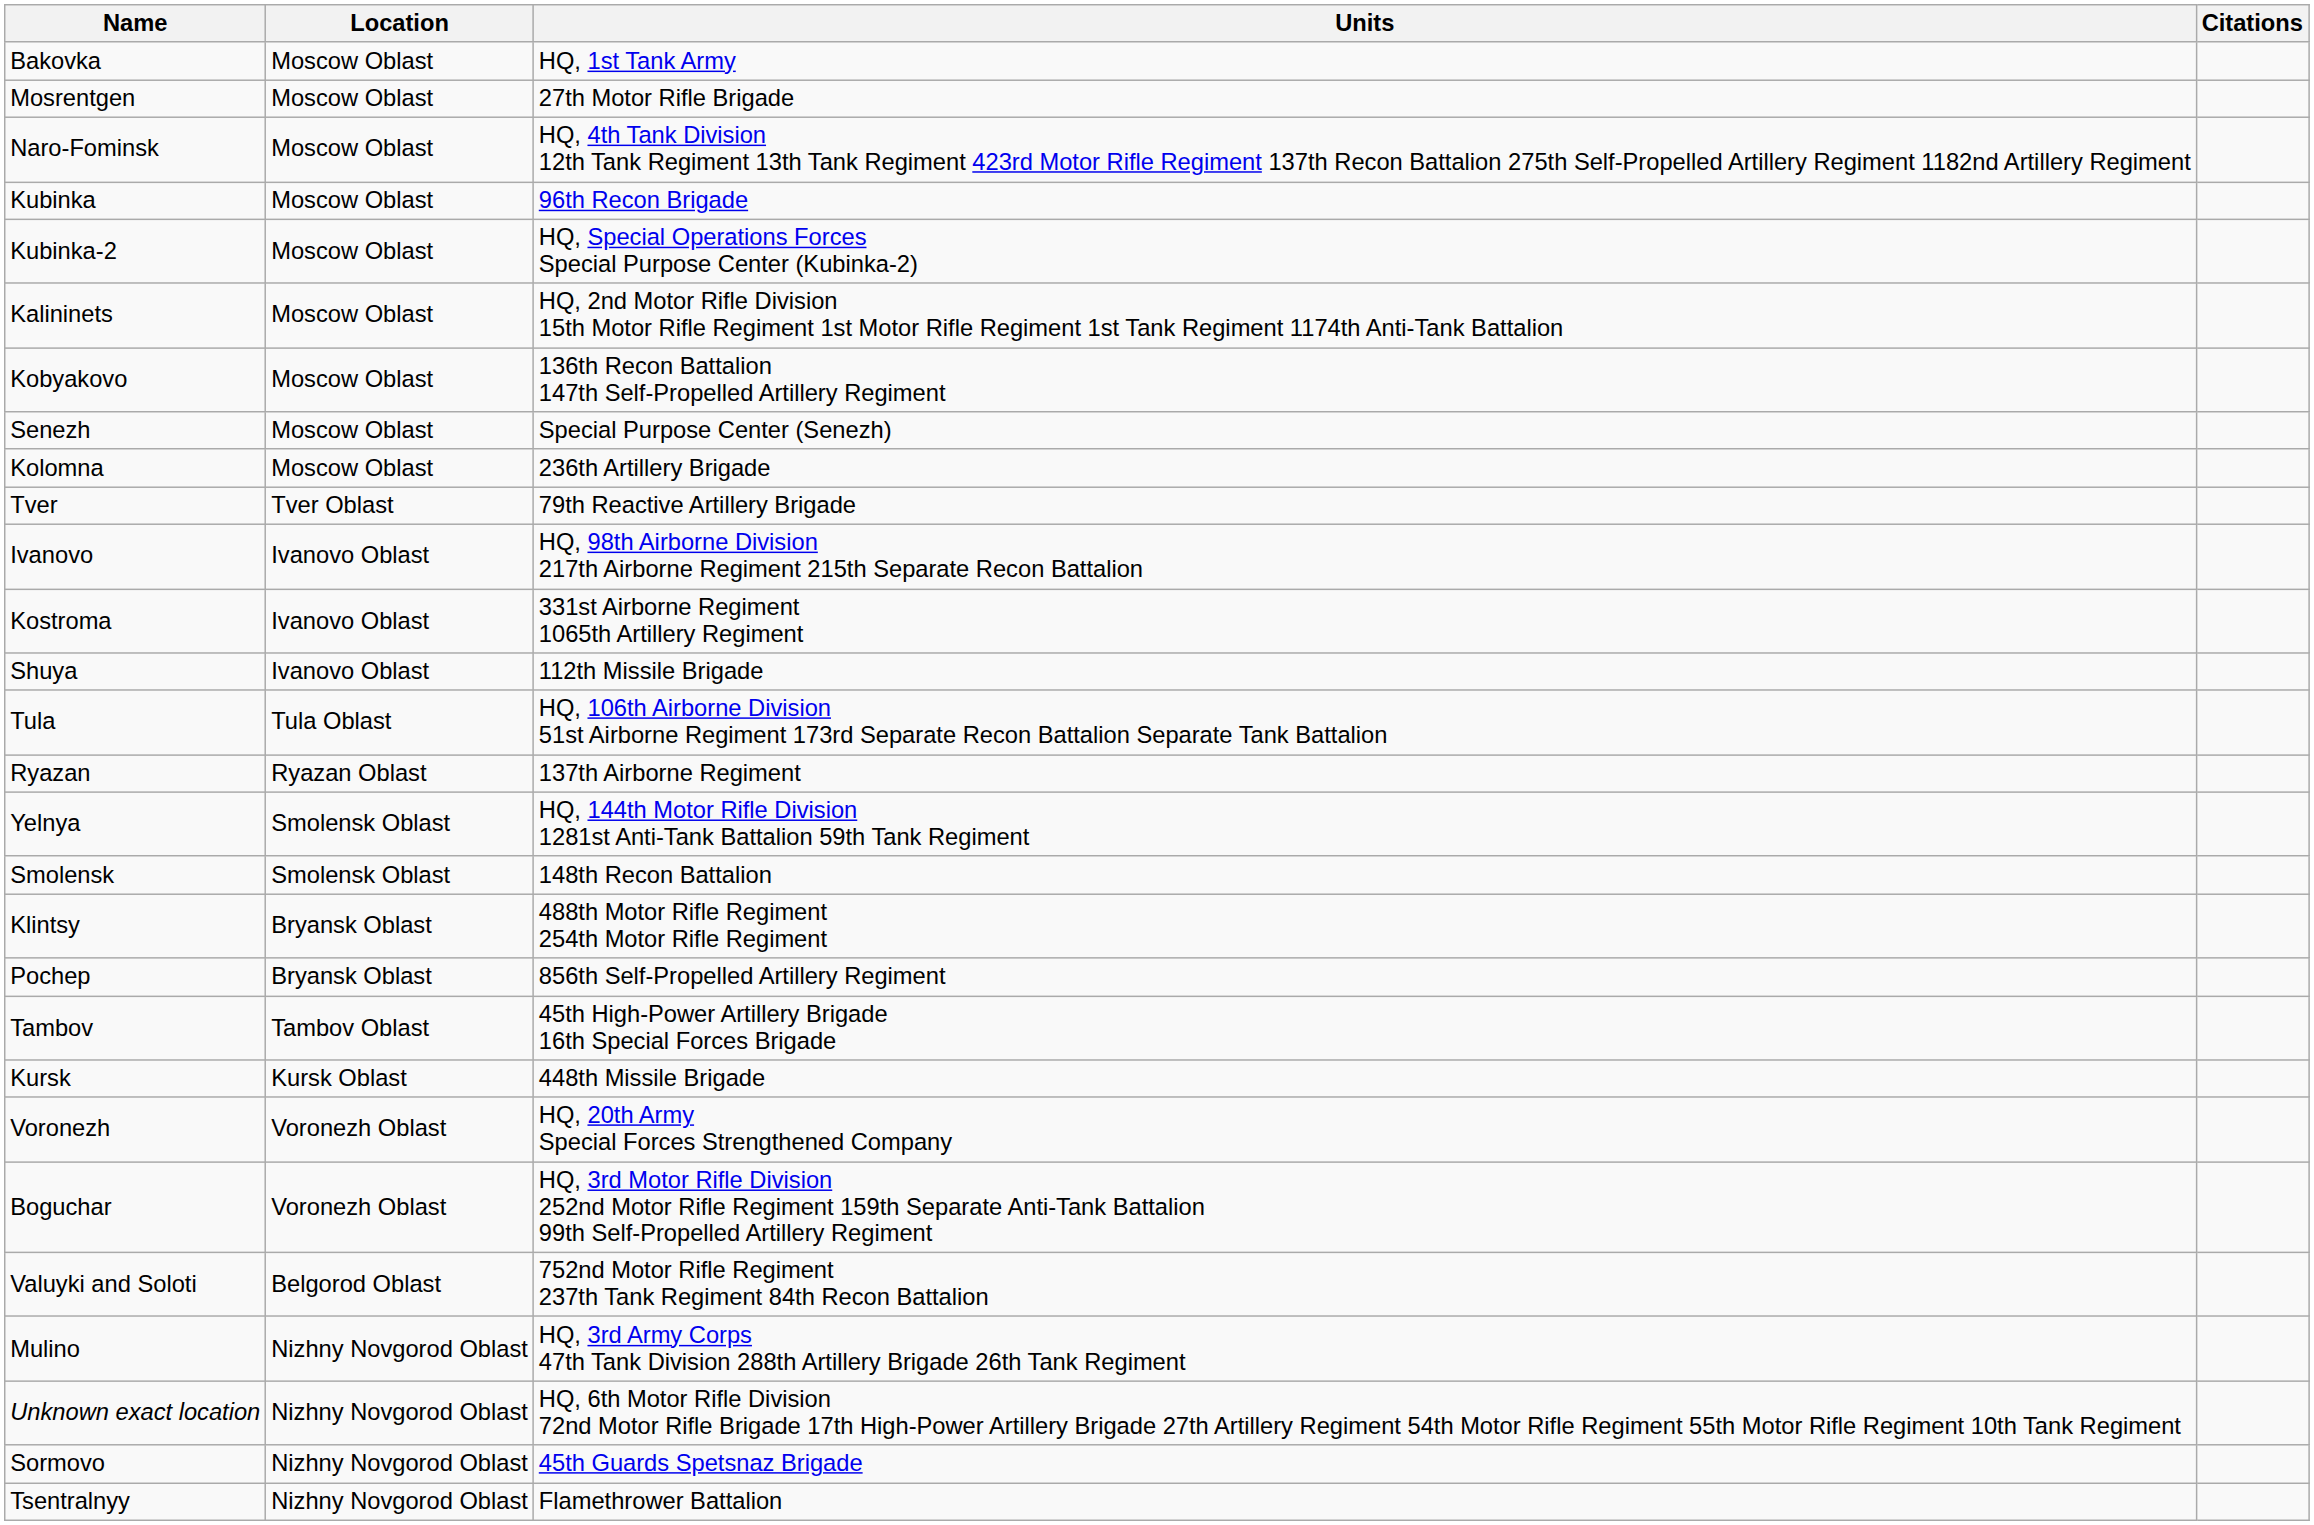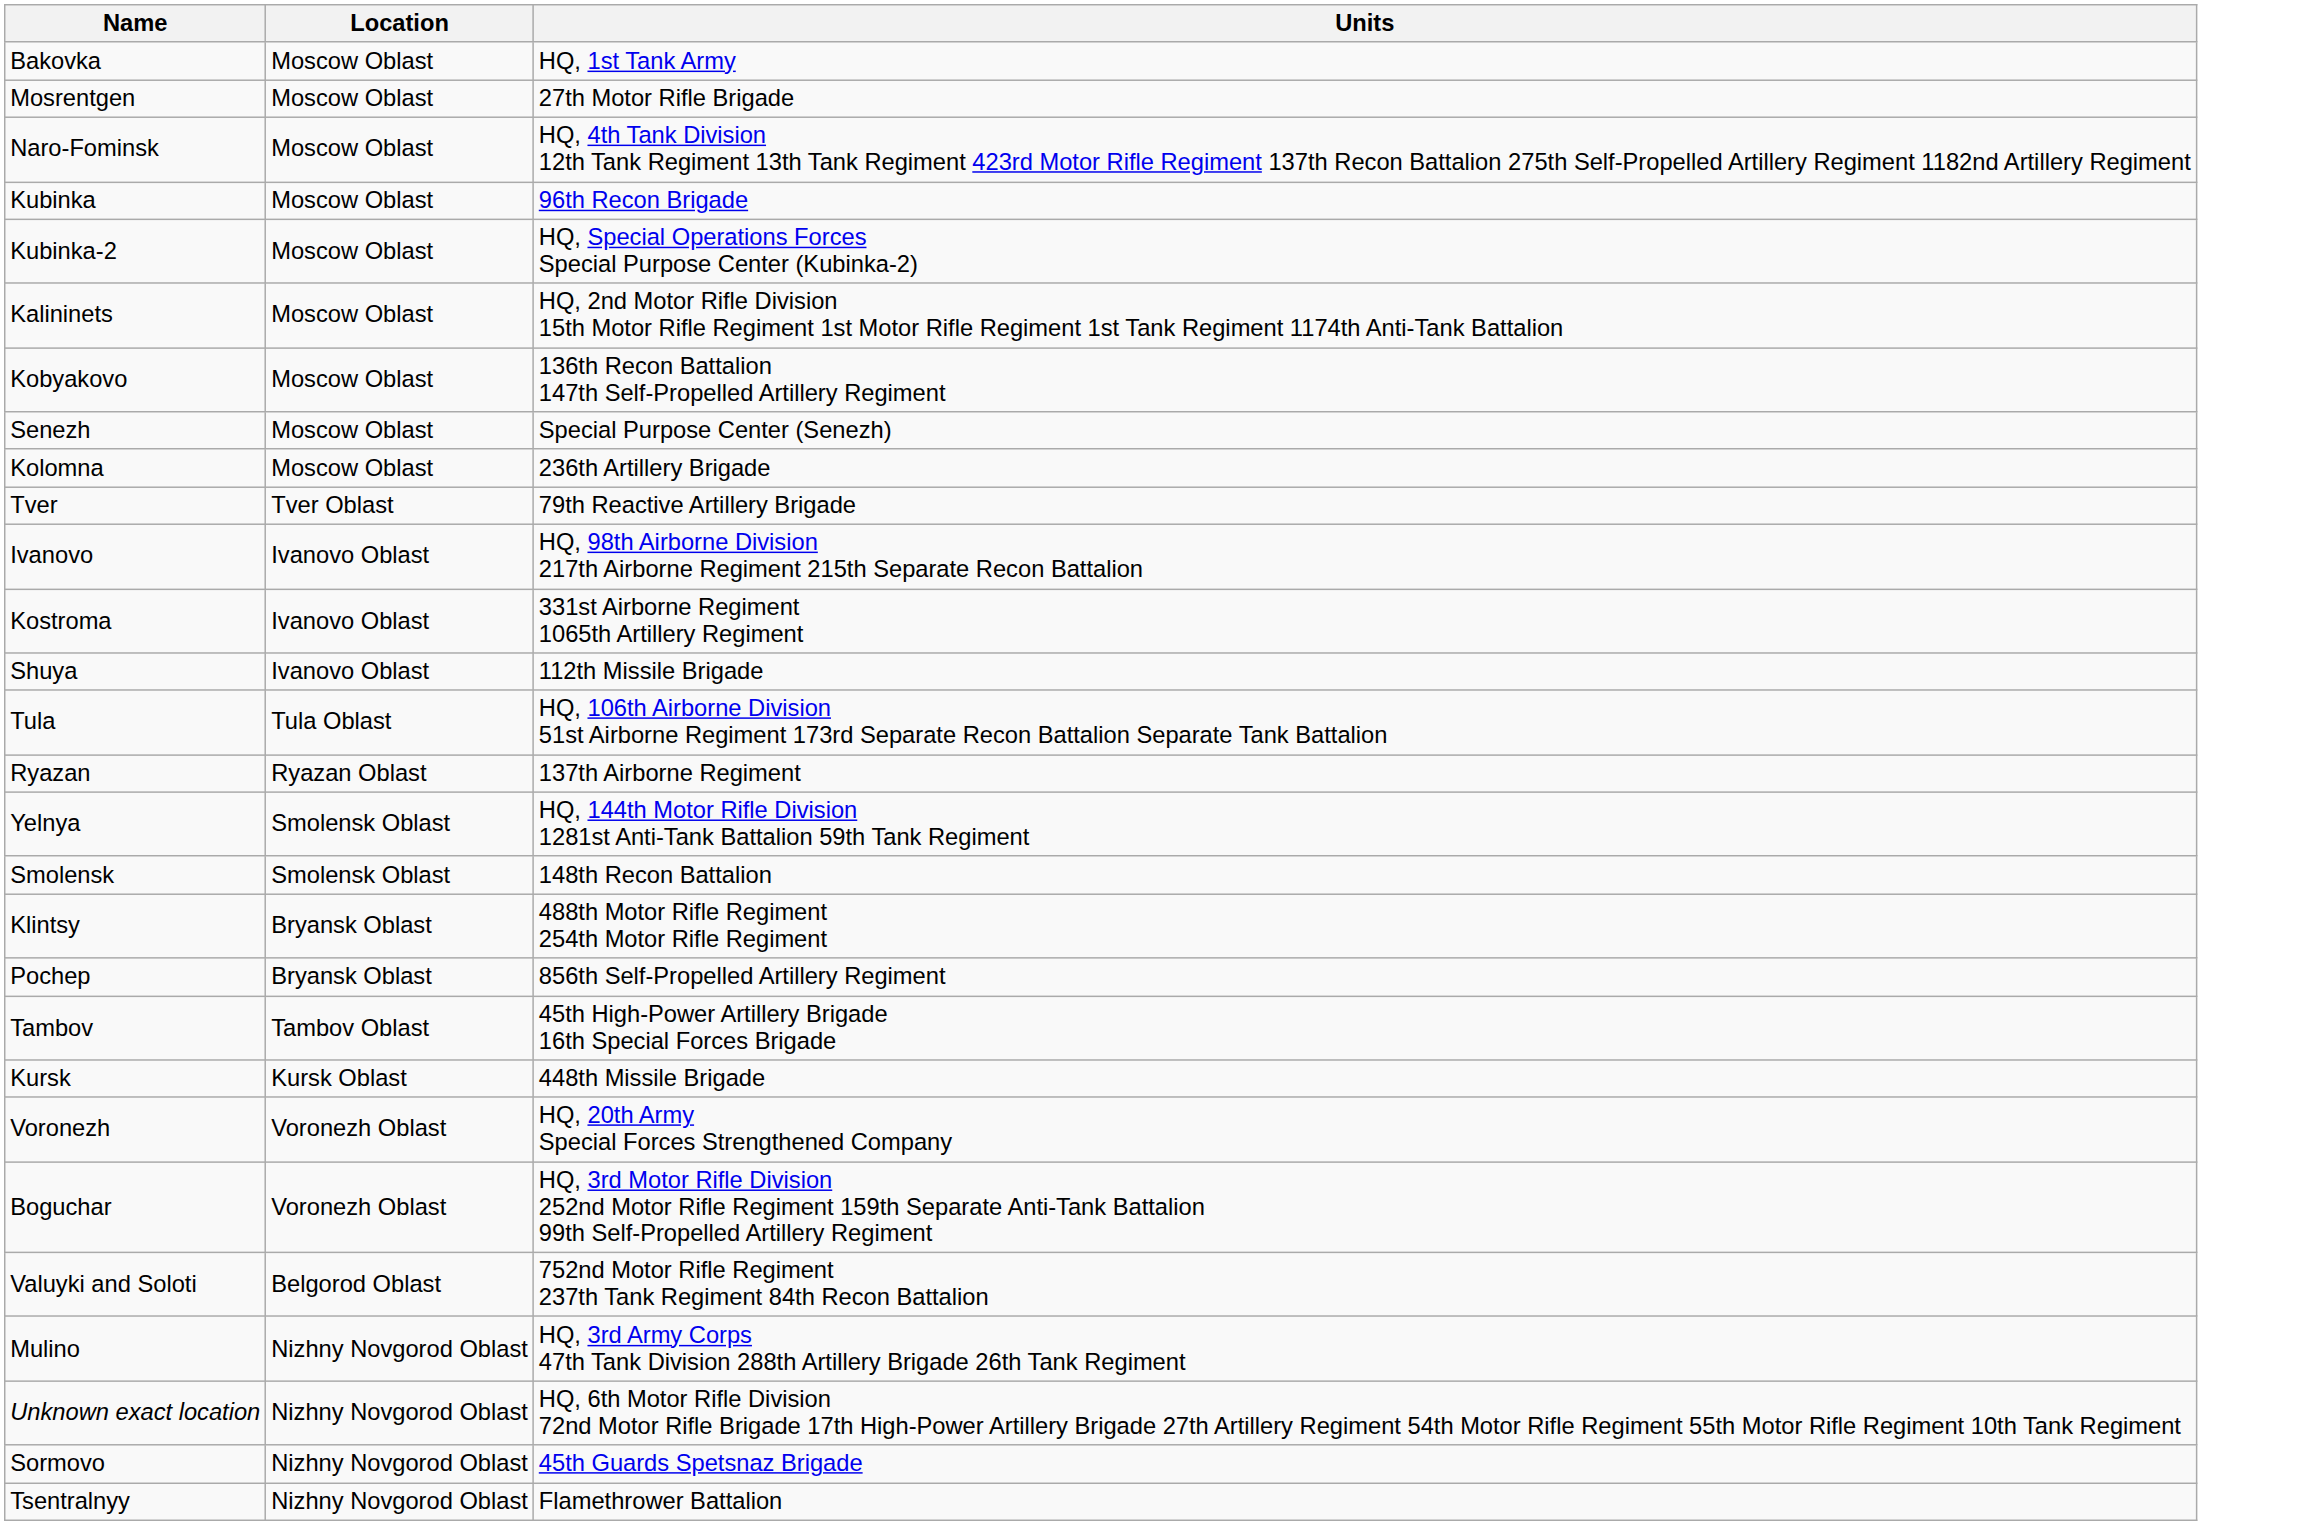 <table class="wikitable sortable">
 <tr>
 <th>Name</th>
 <th>Location</th>
 <th>Units</th>
-<th>Citations</th>
 </tr>
 <tr>
 <td>Bakovka</td>
 <td>Moscow Oblast</td>
 <td>HQ, <a href='#'>1st Tank Army</a></td>
-<td></td>
 </tr>
 <tr>
 <td>Mosrentgen</td>
 <td>Moscow Oblast</td>
 <td>27th Motor Rifle Brigade</td>
-<td></td>
 </tr>
 <tr>
 <td>Naro-Fominsk</td>
 <td>Moscow Oblast</td>
 <td>HQ, <a href='#'>4th Tank Division</a><br>12th Tank Regiment 13th Tank Regiment <a href='#'>423rd Motor Rifle Regiment</a> 137th Recon Battalion 275th Self-Propelled Artillery Regiment 1182nd Artillery Regiment</td>
-<td></td>
 </tr>
 <tr>
 <td>Kubinka</td>
 <td>Moscow Oblast</td>
 <td><a href='#'>96th Recon Brigade</a></td>
-<td></td>
 </tr>
 <tr>
 <td>Kubinka-2</td>
 <td>Moscow Oblast</td>
 <td>HQ, <a href='#'>Special Operations Forces</a><br>Special Purpose Center (Kubinka-2)</td>
-<td></td>
 </tr>
 <tr>
 <td>Kalininets</td>
 <td>Moscow Oblast</td>
 <td>HQ, 2nd Motor Rifle Division<br>15th Motor Rifle Regiment 1st Motor Rifle Regiment 1st Tank Regiment 1174th Anti-Tank Battalion</td>
-<td></td>
 </tr>
 <tr>
 <td>Kobyakovo</td>
 <td>Moscow Oblast</td>
 <td>136th Recon Battalion<br>147th Self-Propelled Artillery Regiment</td>
-<td></td>
 </tr>
 <tr>
 <td>Senezh</td>
 <td>Moscow Oblast</td>
 <td>Special Purpose Center (Senezh)</td>
-<td></td>
 </tr>
 <tr>
 <td>Kolomna</td>
 <td>Moscow Oblast</td>
 <td>236th Artillery Brigade</td>
-<td></td>
 </tr>
 <tr>
 <td>Tver</td>
 <td>Tver Oblast</td>
 <td>79th Reactive Artillery Brigade</td>
-<td></td>
 </tr>
 <tr>
 <td>Ivanovo</td>
 <td>Ivanovo Oblast</td>
 <td>HQ, <a href='#'>98th Airborne Division</a><br>217th Airborne Regiment 215th Separate Recon Battalion</td>
-<td></td>
 </tr>
 <tr>
 <td>Kostroma</td>
 <td>Ivanovo Oblast</td>
 <td>331st Airborne Regiment<br>1065th Artillery Regiment</td>
-<td></td>
 </tr>
 <tr>
 <td>Shuya</td>
 <td>Ivanovo Oblast</td>
 <td>112th Missile Brigade</td>
-<td></td>
 </tr>
 <tr>
 <td>Tula</td>
 <td>Tula Oblast</td>
 <td>HQ, <a href='#'>106th Airborne Division</a><br>51st Airborne Regiment 173rd Separate Recon Battalion Separate Tank Battalion</td>
-<td></td>
 </tr>
 <tr>
 <td>Ryazan</td>
 <td>Ryazan Oblast</td>
 <td>137th Airborne Regiment</td>
-<td></td>
 </tr>
 <tr>
 <td>Yelnya</td>
 <td>Smolensk Oblast</td>
 <td>HQ, <a href='#'>144th Motor Rifle Division</a><br>1281st Anti-Tank Battalion 59th Tank Regiment</td>
-<td></td>
 </tr>
 <tr>
 <td>Smolensk</td>
 <td>Smolensk Oblast</td>
 <td>148th Recon Battalion</td>
-<td></td>
 </tr>
 <tr>
 <td>Klintsy</td>
 <td>Bryansk Oblast</td>
 <td>488th Motor Rifle Regiment<br>254th Motor Rifle Regiment</td>
-<td></td>
 </tr>
 <tr>
 <td>Pochep</td>
 <td>Bryansk Oblast</td>
 <td>856th Self-Propelled Artillery Regiment</td>
-<td></td>
 </tr>
 <tr>
 <td>Tambov</td>
 <td>Tambov Oblast</td>
 <td>45th High-Power Artillery Brigade<br>16th Special Forces Brigade</td>
-<td></td>
 </tr>
 <tr>
 <td>Kursk</td>
 <td>Kursk Oblast</td>
 <td>448th Missile Brigade</td>
-<td></td>
 </tr>
 <tr>
 <td>Voronezh</td>
 <td>Voronezh Oblast</td>
 <td>HQ, <a href='#'>20th Army</a><br>Special Forces Strengthened Company</td>
-<td></td>
 </tr>
 <tr>
 <td>Boguchar</td>
 <td>Voronezh Oblast</td>
 <td>HQ, <a href='#'>3rd Motor Rifle Division</a><br>252nd Motor Rifle Regiment 159th Separate Anti-Tank Battalion<br>99th Self-Propelled Artillery Regiment</td>
-<td></td>
 </tr>
 <tr>
 <td>Valuyki and Soloti</td>
 <td>Belgorod Oblast</td>
 <td>752nd Motor Rifle Regiment<br>237th Tank Regiment 84th Recon Battalion</td>
-<td></td>
 </tr>
 <tr>
 <td>Mulino</td>
 <td>Nizhny Novgorod Oblast</td>
 <td>HQ, <a href='#'>3rd Army Corps</a><br>47th Tank Division 288th Artillery Brigade 26th Tank Regiment</td>
-<td></td>
 </tr>
 <tr>
 <td><em>Unknown exact location</em></td>
 <td>Nizhny Novgorod Oblast</td>
 <td>HQ, 6th Motor Rifle Division<br>72nd Motor Rifle Brigade 17th High-Power Artillery Brigade 27th Artillery Regiment 54th Motor Rifle Regiment 55th Motor Rifle Regiment 10th Tank Regiment</td>
-<td></td>
 </tr>
 <tr>
 <td>Sormovo</td>
 <td>Nizhny Novgorod Oblast</td>
 <td><a href='#'>45th Guards Spetsnaz Brigade</a></td>
-<td></td>
 </tr>
 <tr>
 <td>Tsentralnyy</td>
 <td>Nizhny Novgorod Oblast</td>
 <td>Flamethrower Battalion</td>
-<td></td>
 </tr>
 </table>
